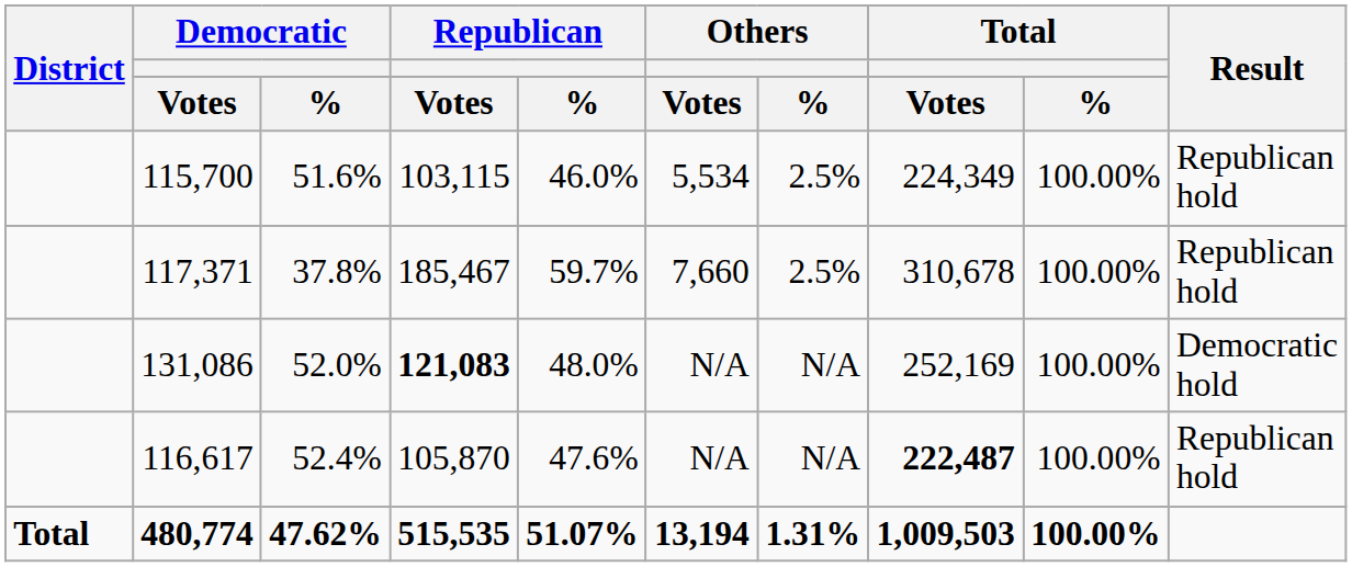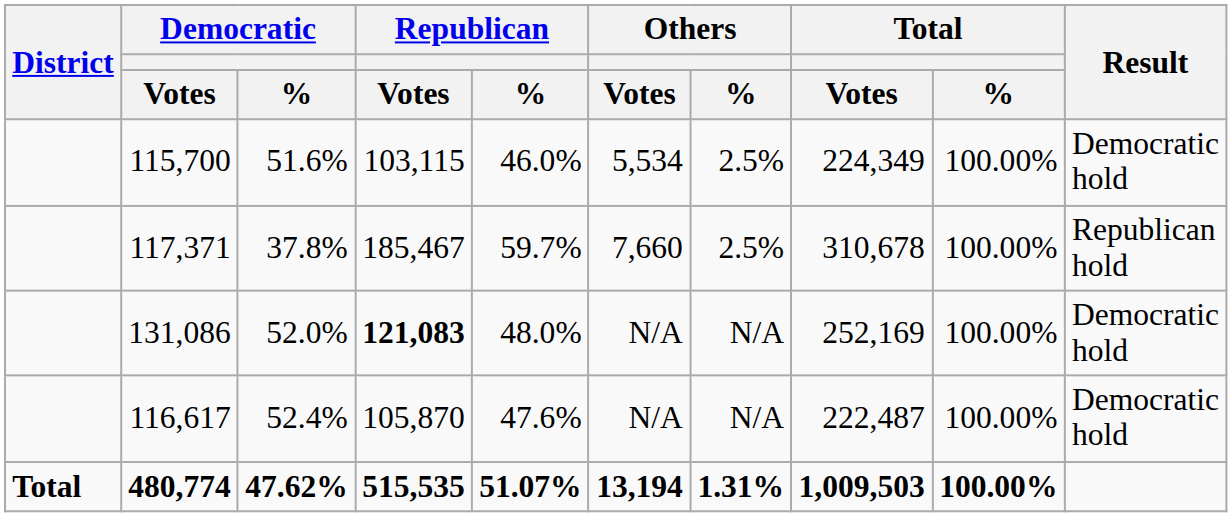 <table class="wikitable plainrowheaders sortable" style="font-size:100%; text-align:right;">
 <tr>
 <th scope=col rowspan=3><a href='#'>District</a></th>
 <th scope=col colspan=2><a href='#'>Democratic</a></th>
 <th scope=col colspan=2><a href='#'>Republican</a></th>
 <th scope=col colspan=2>Others</th>
 <th scope=col colspan=2>Total</th>
 <th scope=col rowspan=3>Result</th>
 </tr>
 <tr>
 <th scope=col colspan=2 style="background:"></th>
 <th scope=col colspan=2 style="background:"></th>
 <th scope=col colspan=2></th>
 <th scope=col colspan=2></th>
 </tr>
 <tr>
 <th scope=col data-sort-type="number">Votes</th>
 <th scope=col data-sort-type="number">%</th>
 <th scope=col data-sort-type="number">Votes</th>
 <th scope=col data-sort-type="number">%</th>
 <th scope=col data-sort-type="number">Votes</th>
 <th scope=col data-sort-type="number">%</th>
 <th scope=col data-sort-type="number">Votes</th>
 <th scope=col data-sort-type="number">%</th>
 </tr>
 <tr>
 <td align=left></td>
 <td>115,700</td>
 <td>51.6%</td>
 <td>103,115</td>
 <td>46.0%</td>
 <td>5,534</td>
 <td>2.5%</td>
 <td>224,349</td>
 <td>100.00%</td>
-<td align=left>Republican hold</td>
+<td align=left>Democratic hold</td>
 </tr>
 <tr>
 <td align=left></td>
 <td>117,371</td>
 <td>37.8%</td>
 <td>185,467</td>
 <td>59.7%</td>
 <td>7,660</td>
 <td>2.5%</td>
 <td>310,678</td>
 <td>100.00%</td>
 <td align=left>Republican hold</td>
 </tr>
 <tr>
 <td align=left></td>
 <td>131,086</td>
 <td>52.0%</td>
 <td><strong>121,083</strong></td>
 <td>48.0%</td>
 <td>N/A</td>
 <td>N/A</td>
 <td>252,169</td>
 <td>100.00%</td>
 <td align=left>Democratic hold</td>
 </tr>
 <tr>
 <td align=left></td>
 <td>116,617</td>
 <td>52.4%</td>
 <td>105,870</td>
 <td>47.6%</td>
 <td>N/A</td>
 <td>N/A</td>
-<td><strong>222,487</strong></td>
+<td>222,487</td>
 <td>100.00%</td>
-<td align=left>Republican hold</td>
+<td align=left>Democratic hold</td>
 </tr>
 <tr class="sortbottom" style="font-weight:bold">
 <td align=left>Total</td>
 <td>480,774</td>
 <td>47.62%</td>
 <td>515,535</td>
 <td>51.07%</td>
 <td>13,194</td>
 <td>1.31%</td>
 <td>1,009,503</td>
 <td>100.00%</td>
 <td></td>
 </tr>
 </table>
